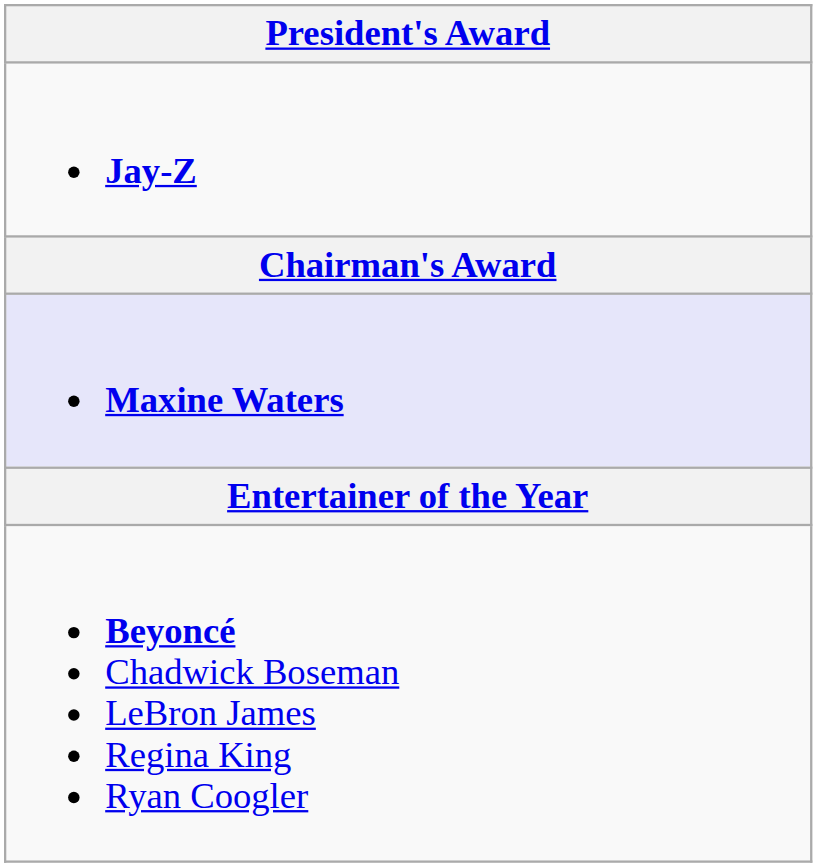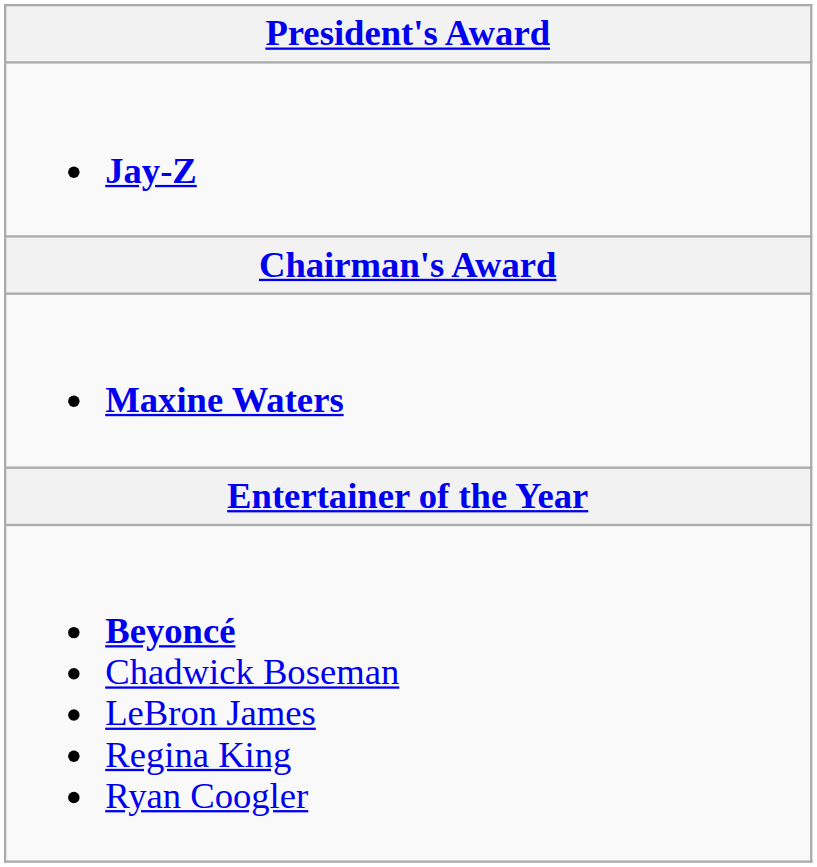 <table class="wikitable">
 <tr>
 <th style="width=50%"><a href='#'>President's Award</a></th>
 </tr>
 <tr>
 <td width="50%" valign="top"><br><ul><li><strong><a href='#'>Jay-Z</a></strong></li></ul></td>
 </tr>
 <tr>
 <th style="width=50%"><a href='#'>Chairman's Award</a></th>
 </tr>
 <tr>
-<td width="50%" valign="top" style="background: lavender;"><br><ul><li><strong><a href='#'>Maxine Waters</a></strong></li></ul></td>
+<td width="50%" valign="top"><br><ul><li><strong><a href='#'>Maxine Waters</a></strong></li></ul></td>
 </tr>
 <tr>
 <th style="width=50%"><a href='#'>Entertainer of the Year</a></th>
 </tr>
 <tr>
 <td width="50%" valign="top"><br><ul><li><strong><a href='#'>Beyoncé</a></strong></li><li><a href='#'>Chadwick Boseman</a></li><li><a href='#'>LeBron James</a></li><li><a href='#'>Regina King</a></li><li><a href='#'>Ryan Coogler</a></li></ul></td>
 </tr>
 </table>
